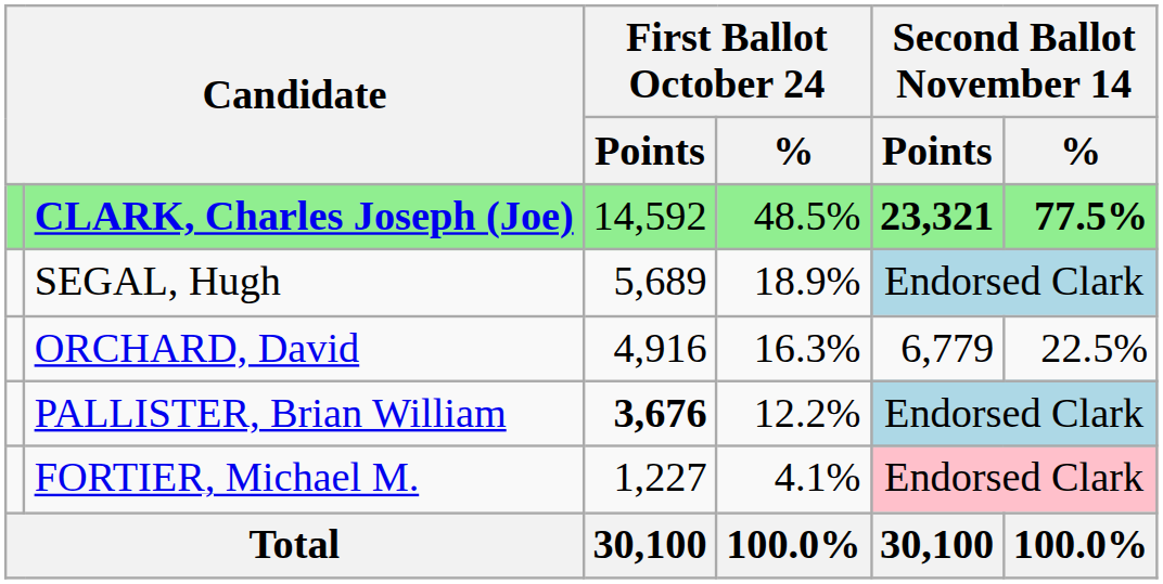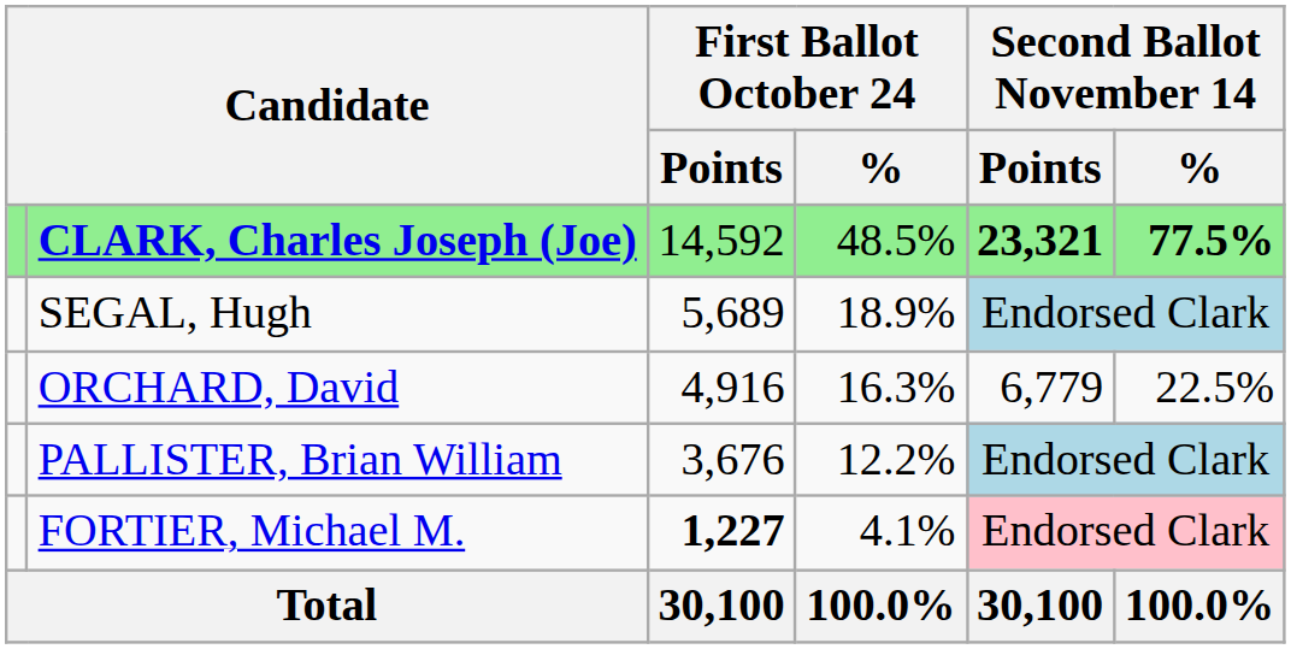 <table class="wikitable">
 <tr>
 <th rowspan="2" colspan="2">Candidate</th>
 <th colspan="2">First Ballot<br>October 24</th>
 <th colspan="2">Second Ballot<br>November 14</th>
 </tr>
 <tr>
 <th>Points</th>
 <th>%</th>
 <th>Points</th>
 <th>%</th>
 </tr>
 <tr style="background:lightgreen;">
 <td></td>
 <td><strong><a href='#'>CLARK, Charles Joseph (Joe)</a></strong></td>
 <td align="right">14,592</td>
 <td align="right">48.5%</td>
 <td align="right"><strong>23,321</strong></td>
 <td align="right"><strong>77.5%</strong></td>
 </tr>
 <tr>
 <td></td>
 <td>SEGAL, Hugh</td>
 <td align="right">5,689</td>
 <td align="right">18.9%</td>
 <td style="text-align:center; background:lightblue;" colspan="2">Endorsed Clark</td>
 </tr>
 <tr>
 <td></td>
 <td><a href='#'>ORCHARD, David</a></td>
 <td align="right">4,916</td>
 <td align="right">16.3%</td>
 <td align="right">6,779</td>
 <td align="right">22.5%</td>
 </tr>
 <tr>
 <td></td>
 <td><a href='#'>PALLISTER, Brian William</a></td>
-<td align="right"><strong>3,676</strong></td>
+<td align="right">3,676</td>
 <td align="right">12.2%</td>
 <td style="text-align:center; background:lightblue;" colspan="2">Endorsed Clark</td>
 </tr>
 <tr>
 <td></td>
 <td><a href='#'>FORTIER, Michael M.</a></td>
-<td align="right">1,227</td>
+<td align="right"><strong>1,227</strong></td>
 <td align="right">4.1%</td>
 <td style="text-align:center; background:pink;" colspan="2">Endorsed Clark</td>
 </tr>
 <tr>
 <th colspan="2">Total</th>
 <th align="right">30,100</th>
 <th align="right">100.0%</th>
 <th align="right">30,100</th>
 <th align="right">100.0%</th>
 </tr>
 </table>
